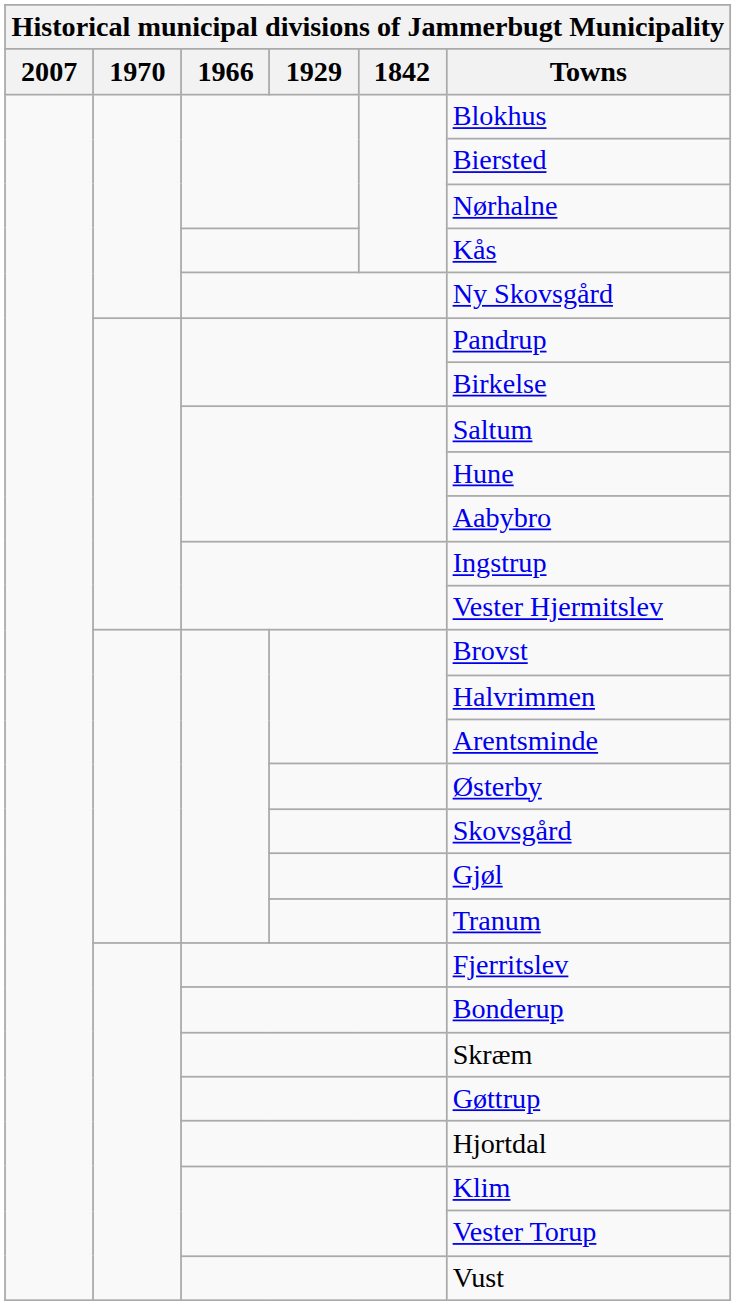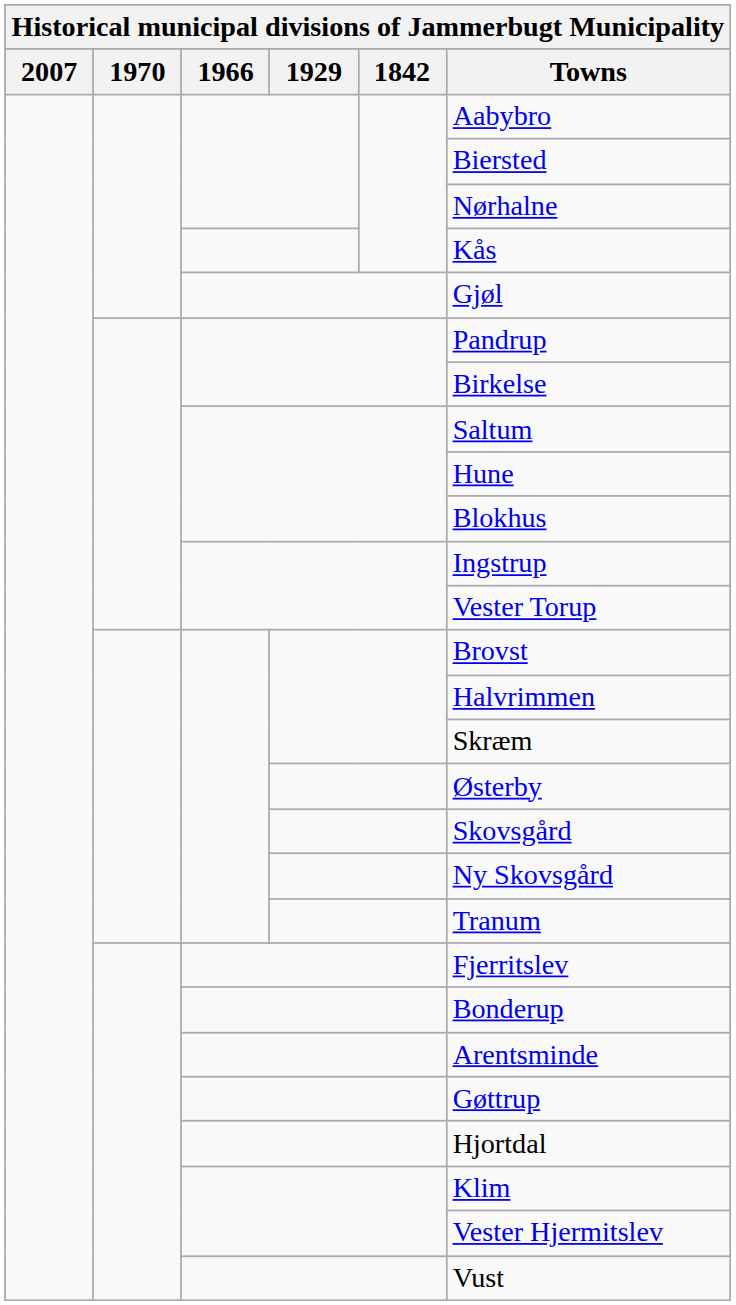 <table class="wikitable" style="margin-left:1em;" style="text-align: center">
 <tr>
 <th colspan="99">Historical municipal divisions of Jammerbugt Municipality</th>
 </tr>
 <tr>
 <th>2007</th>
 <th>1970</th>
 <th>1966</th>
 <th>1929</th>
 <th>1842</th>
 <th>Towns</th>
 </tr>
 <tr>
 <td rowspan="99"></td>
 <td rowspan="5"></td>
 <td rowspan="3" colspan="2"></td>
 <td rowspan="4"></td>
-<td><a href='#'>Blokhus</a></td>
+<td><a href='#'>Aabybro</a></td>
 </tr>
 <tr>
 <td><a href='#'>Biersted</a></td>
 </tr>
 <tr>
 <td><a href='#'>Nørhalne</a></td>
 </tr>
 <tr>
 <td colspan="2"></td>
 <td><a href='#'>Kås</a></td>
 </tr>
 <tr>
 <td colspan="3"></td>
-<td><a href='#'>Ny Skovsgård</a></td>
+<td><a href='#'>Gjøl</a></td>
 </tr>
 <tr>
 <td rowspan="7"></td>
 <td colspan="3" rowspan="2"></td>
 <td><a href='#'>Pandrup</a></td>
 </tr>
 <tr>
 <td><a href='#'>Birkelse</a></td>
 </tr>
 <tr>
 <td colspan="3" rowspan="3"></td>
 <td><a href='#'>Saltum</a></td>
 </tr>
 <tr>
 <td><a href='#'>Hune</a></td>
 </tr>
 <tr>
-<td><a href='#'>Aabybro</a></td>
+<td><a href='#'>Blokhus</a></td>
 </tr>
 <tr>
 <td colspan="3" rowspan="2"></td>
 <td><a href='#'>Ingstrup</a></td>
 </tr>
 <tr>
-<td><a href='#'>Vester Hjermitslev</a></td>
+<td><a href='#'>Vester Torup</a></td>
 </tr>
 <tr>
 <td rowspan="7"></td>
 <td rowspan="7"></td>
 <td colspan="2" rowspan="3"></td>
 <td><a href='#'>Brovst</a></td>
 </tr>
 <tr>
 <td><a href='#'>Halvrimmen</a></td>
 </tr>
 <tr>
-<td><a href='#'>Arentsminde</a></td>
+<td>Skræm</td>
 </tr>
 <tr>
 <td colspan="2"></td>
 <td><a href='#'>Østerby</a></td>
 </tr>
 <tr>
 <td colspan="2"></td>
 <td><a href='#'>Skovsgård</a></td>
 </tr>
 <tr>
 <td colspan="2"></td>
-<td><a href='#'>Gjøl</a></td>
+<td><a href='#'>Ny Skovsgård</a></td>
 </tr>
 <tr>
 <td colspan="2"></td>
 <td><a href='#'>Tranum</a></td>
 </tr>
 <tr>
 <td rowspan="8"></td>
 <td colspan="3"></td>
 <td><a href='#'>Fjerritslev</a></td>
 </tr>
 <tr>
 <td colspan="3"></td>
 <td><a href='#'>Bonderup</a></td>
 </tr>
 <tr>
 <td colspan="3"></td>
-<td>Skræm</td>
+<td><a href='#'>Arentsminde</a></td>
 </tr>
 <tr>
 <td colspan="3"></td>
 <td><a href='#'>Gøttrup</a></td>
 </tr>
 <tr>
 <td colspan="3"></td>
 <td>Hjortdal</td>
 </tr>
 <tr>
 <td colspan="3" rowspan="2"></td>
 <td><a href='#'>Klim</a></td>
 </tr>
 <tr>
-<td><a href='#'>Vester Torup</a></td>
+<td><a href='#'>Vester Hjermitslev</a></td>
 </tr>
 <tr>
 <td colspan="3"></td>
 <td>Vust</td>
 </tr>
 </table>
